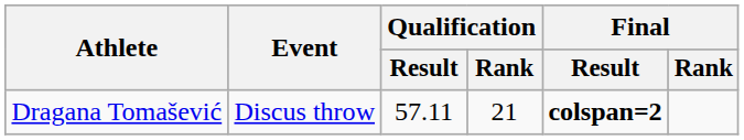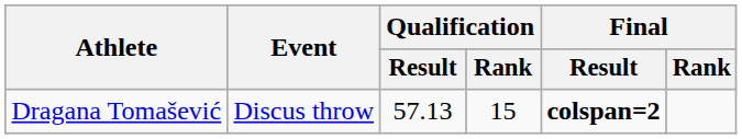 <table class=wikitable style=font-size:90%>
 <tr>
 <th rowspan=2>Athlete</th>
 <th rowspan=2>Event</th>
 <th colspan=2>Qualification</th>
 <th colspan=2>Final</th>
 </tr>
 <tr style=font-size:95%>
 <th>Result</th>
 <th>Rank</th>
 <th>Result</th>
 <th>Rank</th>
 </tr>
 <tr align=center>
 <td align=left><a href='#'>Dragana Tomašević</a></td>
 <td align=left><a href='#'>Discus throw</a></td>
-<td>57.11</td>
-<td>21</td>
+<td>57.13</td>
+<td>15</td>
 <td><strong>colspan=2 </strong></td>
 </tr>
 </table>
